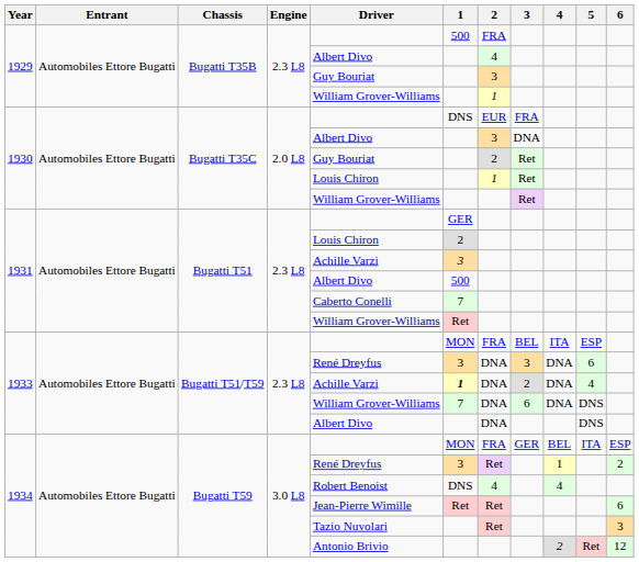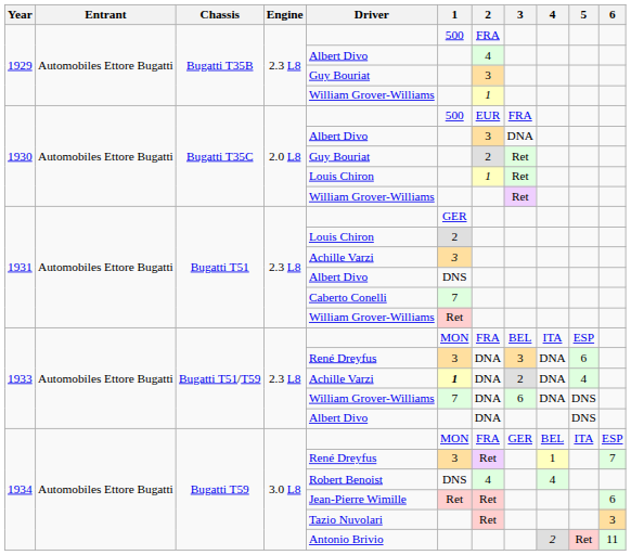 <table class="wikitable" style="text-align:center; font-size:85%">
 <tr>
 <th>Year</th>
 <th>Entrant</th>
 <th>Chassis</th>
 <th>Engine</th>
 <th>Driver</th>
 <th>1</th>
 <th>2</th>
 <th>3</th>
 <th>4</th>
 <th>5</th>
 <th>6</th>
 </tr>
 <tr>
 <td rowspan="4"><a href='#'>1929</a></td>
 <td rowspan="4">Automobiles Ettore Bugatti</td>
 <td rowspan="4"><a href='#'>Bugatti T35B</a></td>
 <td rowspan="4">2.3 <a href='#'>L8</a></td>
 <td></td>
 <td><a href='#'>500</a></td>
 <td><a href='#'>FRA</a></td>
 <td></td>
 <td></td>
 <td></td>
 <td></td>
 </tr>
 <tr>
 <td align="left"> <a href='#'>Albert Divo</a></td>
 <td></td>
 <td style="background:#DFFFDF;">4</td>
 <td></td>
 <td></td>
 <td></td>
 <td></td>
 </tr>
 <tr>
 <td align="left"> <a href='#'>Guy Bouriat</a></td>
 <td></td>
 <td style="background:#FFDF9F;">3</td>
 <td></td>
 <td></td>
 <td></td>
 <td></td>
 </tr>
 <tr>
 <td align="left"> <a href='#'>William Grover-Williams</a></td>
 <td></td>
 <td style="background:#FFFFBF;"><em>1</em></td>
 <td></td>
 <td></td>
 <td></td>
 <td></td>
 </tr>
 <tr>
 <td rowspan="5"><a href='#'>1930</a></td>
 <td rowspan="5">Automobiles Ettore Bugatti</td>
 <td rowspan="5"><a href='#'>Bugatti T35C</a></td>
 <td rowspan="5">2.0 <a href='#'>L8</a></td>
 <td></td>
-<td>DNS</td>
+<td><a href='#'>500</a></td>
 <td><a href='#'>EUR</a></td>
 <td><a href='#'>FRA</a></td>
 <td></td>
 <td></td>
 <td></td>
 </tr>
 <tr>
 <td align="left"> <a href='#'>Albert Divo</a></td>
 <td></td>
 <td style="background:#FFDF9F;">3</td>
 <td>DNA</td>
 <td></td>
 <td></td>
 <td></td>
 </tr>
 <tr>
 <td align="left"> <a href='#'>Guy Bouriat</a></td>
 <td></td>
 <td style="background:#DFDFDF;">2</td>
 <td style="background:#DFFFDF;">Ret</td>
 <td></td>
 <td></td>
 <td></td>
 </tr>
 <tr>
 <td align="left"> <a href='#'>Louis Chiron</a></td>
 <td></td>
 <td style="background:#FFFFBF;"><em>1</em></td>
 <td style="background:#DFFFDF;">Ret</td>
 <td></td>
 <td></td>
 <td></td>
 </tr>
 <tr>
 <td align="left"> <a href='#'>William Grover-Williams</a></td>
 <td></td>
 <td></td>
 <td style="background:#EFCFFF;">Ret</td>
 <td></td>
 <td></td>
 <td></td>
 </tr>
 <tr>
 <td rowspan="6"><a href='#'>1931</a></td>
 <td rowspan="6">Automobiles Ettore Bugatti</td>
 <td rowspan="6"><a href='#'>Bugatti T51</a></td>
 <td rowspan="6">2.3 <a href='#'>L8</a></td>
 <td></td>
 <td><a href='#'>GER</a></td>
 <td></td>
 <td></td>
 <td></td>
 <td></td>
 <td></td>
 </tr>
 <tr>
 <td align="left"> <a href='#'>Louis Chiron</a></td>
 <td style="background:#DFDFDF;">2</td>
 <td></td>
 <td></td>
 <td></td>
 <td></td>
 <td></td>
 </tr>
 <tr>
 <td align="left"> <a href='#'>Achille Varzi</a></td>
 <td style="background:#FFDF9F;"><em>3</em></td>
 <td></td>
 <td></td>
 <td></td>
 <td></td>
 <td></td>
 </tr>
 <tr>
 <td align="left"> <a href='#'>Albert Divo</a></td>
-<td><a href='#'>500</a></td>
+<td>DNS</td>
 <td></td>
 <td></td>
 <td></td>
 <td></td>
 <td></td>
 </tr>
 <tr>
 <td align="left"> <a href='#'>Caberto Conelli</a></td>
 <td style="background:#DFFFDF;">7</td>
 <td></td>
 <td></td>
 <td></td>
 <td></td>
 <td></td>
 </tr>
 <tr>
 <td align="left"> <a href='#'>William Grover-Williams</a></td>
 <td style="background:#FFCFCF;">Ret</td>
 <td></td>
 <td></td>
 <td></td>
 <td></td>
 <td></td>
 </tr>
 <tr>
 <td rowspan="5"><a href='#'>1933</a></td>
 <td rowspan="5">Automobiles Ettore Bugatti</td>
 <td rowspan="5"><a href='#'>Bugatti T51</a>/<a href='#'>T59</a></td>
 <td rowspan="5">2.3 <a href='#'>L8</a></td>
 <td></td>
 <td><a href='#'>MON</a></td>
 <td><a href='#'>FRA</a></td>
 <td><a href='#'>BEL</a></td>
 <td><a href='#'>ITA</a></td>
 <td><a href='#'>ESP</a></td>
 <td></td>
 </tr>
 <tr>
 <td align="left"> <a href='#'>René Dreyfus</a></td>
 <td style="background:#FFDF9F;">3</td>
 <td>DNA</td>
 <td style="background:#FFDF9F;">3</td>
 <td>DNA</td>
 <td style="background:#DFFFDF;">6</td>
 <td></td>
 </tr>
 <tr>
 <td align="left"> <a href='#'>Achille Varzi</a></td>
 <td style="background:#FFFFBF;"><strong><em>1</em></strong></td>
 <td>DNA</td>
 <td style="background:#DFDFDF;">2</td>
 <td>DNA</td>
 <td style="background:#DFFFDF;">4</td>
 <td></td>
 </tr>
 <tr>
 <td align="left"> <a href='#'>William Grover-Williams</a></td>
 <td style="background:#DFFFDF;">7</td>
 <td>DNA</td>
 <td style="background:#DFFFDF;">6</td>
 <td>DNA</td>
 <td>DNS</td>
 <td></td>
 </tr>
 <tr>
 <td align="left"> <a href='#'>Albert Divo</a></td>
 <td></td>
 <td>DNA</td>
 <td></td>
 <td></td>
 <td>DNS</td>
 <td></td>
 </tr>
 <tr>
 <td rowspan="6"><a href='#'>1934</a></td>
 <td rowspan="6">Automobiles Ettore Bugatti</td>
 <td rowspan="6"><a href='#'>Bugatti T59</a></td>
 <td rowspan="6">3.0 <a href='#'>L8</a></td>
 <td></td>
 <td><a href='#'>MON</a></td>
 <td><a href='#'>FRA</a></td>
 <td><a href='#'>GER</a></td>
 <td><a href='#'>BEL</a></td>
 <td><a href='#'>ITA</a></td>
 <td><a href='#'>ESP</a></td>
 </tr>
 <tr>
 <td align="left"> <a href='#'>René Dreyfus</a></td>
 <td style="background:#FFDF9F;">3</td>
 <td style="background:#EFCFFF;">Ret</td>
 <td></td>
 <td style="background:#FFFFBF;">1</td>
 <td></td>
-<td style="background:#DFFFDF;">2</td>
+<td style="background:#DFFFDF;">7</td>
 </tr>
 <tr>
 <td align="left"> <a href='#'>Robert Benoist</a></td>
 <td>DNS</td>
 <td style="background:#DFFFDF;">4</td>
 <td></td>
 <td style="background:#DFFFDF;">4</td>
 <td></td>
 <td></td>
 </tr>
 <tr>
 <td align="left"> <a href='#'>Jean-Pierre Wimille</a></td>
 <td style="background:#FFCFCF;">Ret</td>
 <td style="background:#FFCFCF;">Ret</td>
 <td></td>
 <td></td>
 <td></td>
 <td style="background:#DFFFDF;">6</td>
 </tr>
 <tr>
 <td align="left"> <a href='#'>Tazio Nuvolari</a></td>
 <td></td>
 <td style="background:#FFCFCF;">Ret</td>
 <td></td>
 <td></td>
 <td></td>
 <td style="background:#FFDF9F;">3</td>
 </tr>
 <tr>
 <td align="left"> <a href='#'>Antonio Brivio</a></td>
 <td></td>
 <td></td>
 <td></td>
 <td style="background:#DFDFDF;"><em>2</em></td>
 <td style="background:#FFCFCF;">Ret</td>
-<td style="background:#DFFFDF;">12</td>
+<td style="background:#DFFFDF;">11</td>
 </tr>
 </table>
